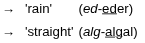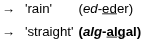 <table style="line-height: 1.4em;" cellpadding="2">
 <tr>
 <td> </td>
 <td> </td>
 <td></td>
 <td>→</td>
 <td></td>
 <td>'rain'</td>
 <td>(<em>ed</em>-<u>ed</u>er)</td>
 </tr>
 <tr>
 <td> </td>
 <td> </td>
 <td></td>
 <td>→</td>
 <td></td>
 <td>'straight'</td>
-<td>(<em>alg</em>-<u>alg</u>al)</td>
+<td><strong>(<em>alg</em>-<u>alg</u>al)</strong></td>
 </tr>
 </table>
